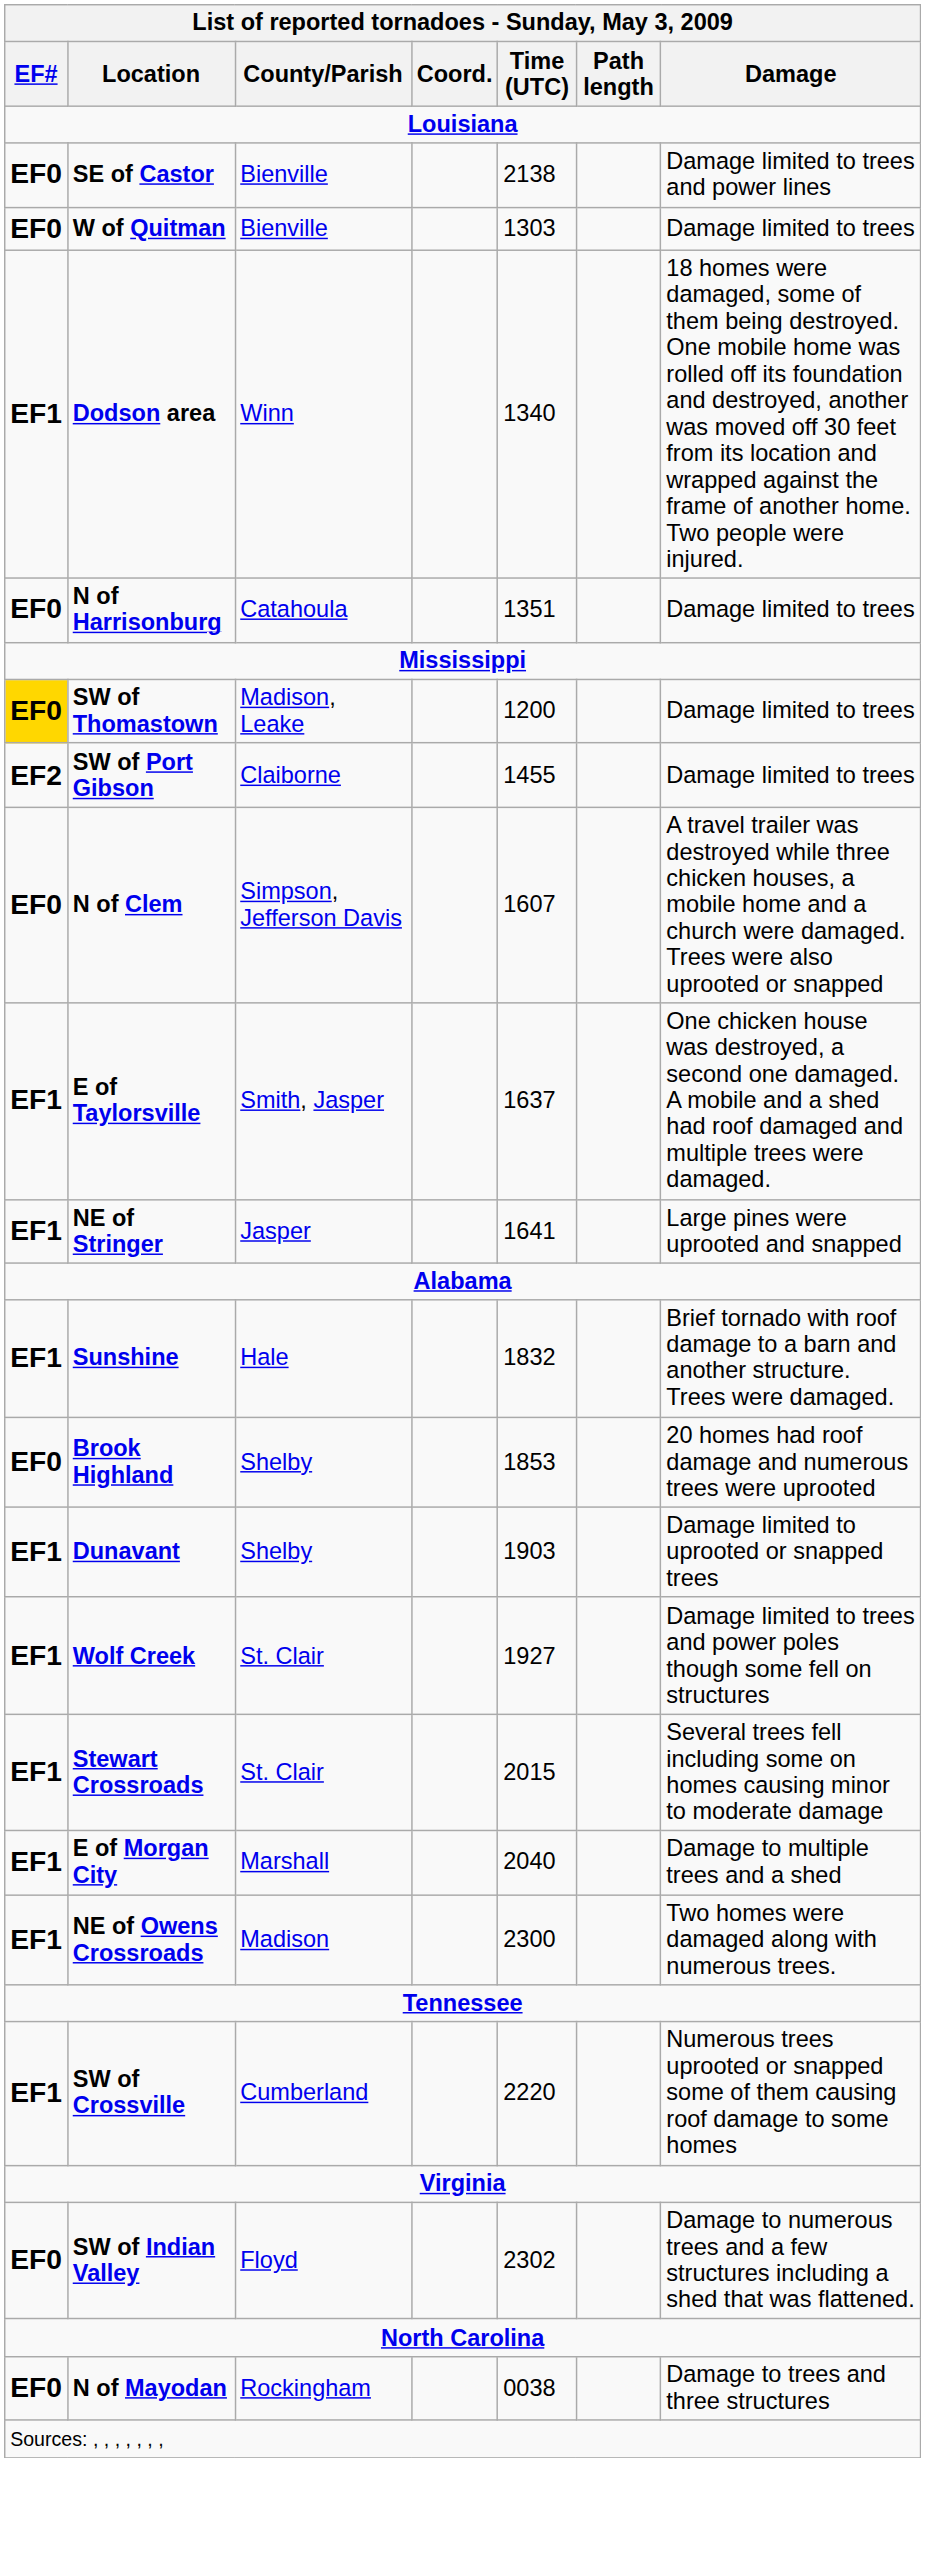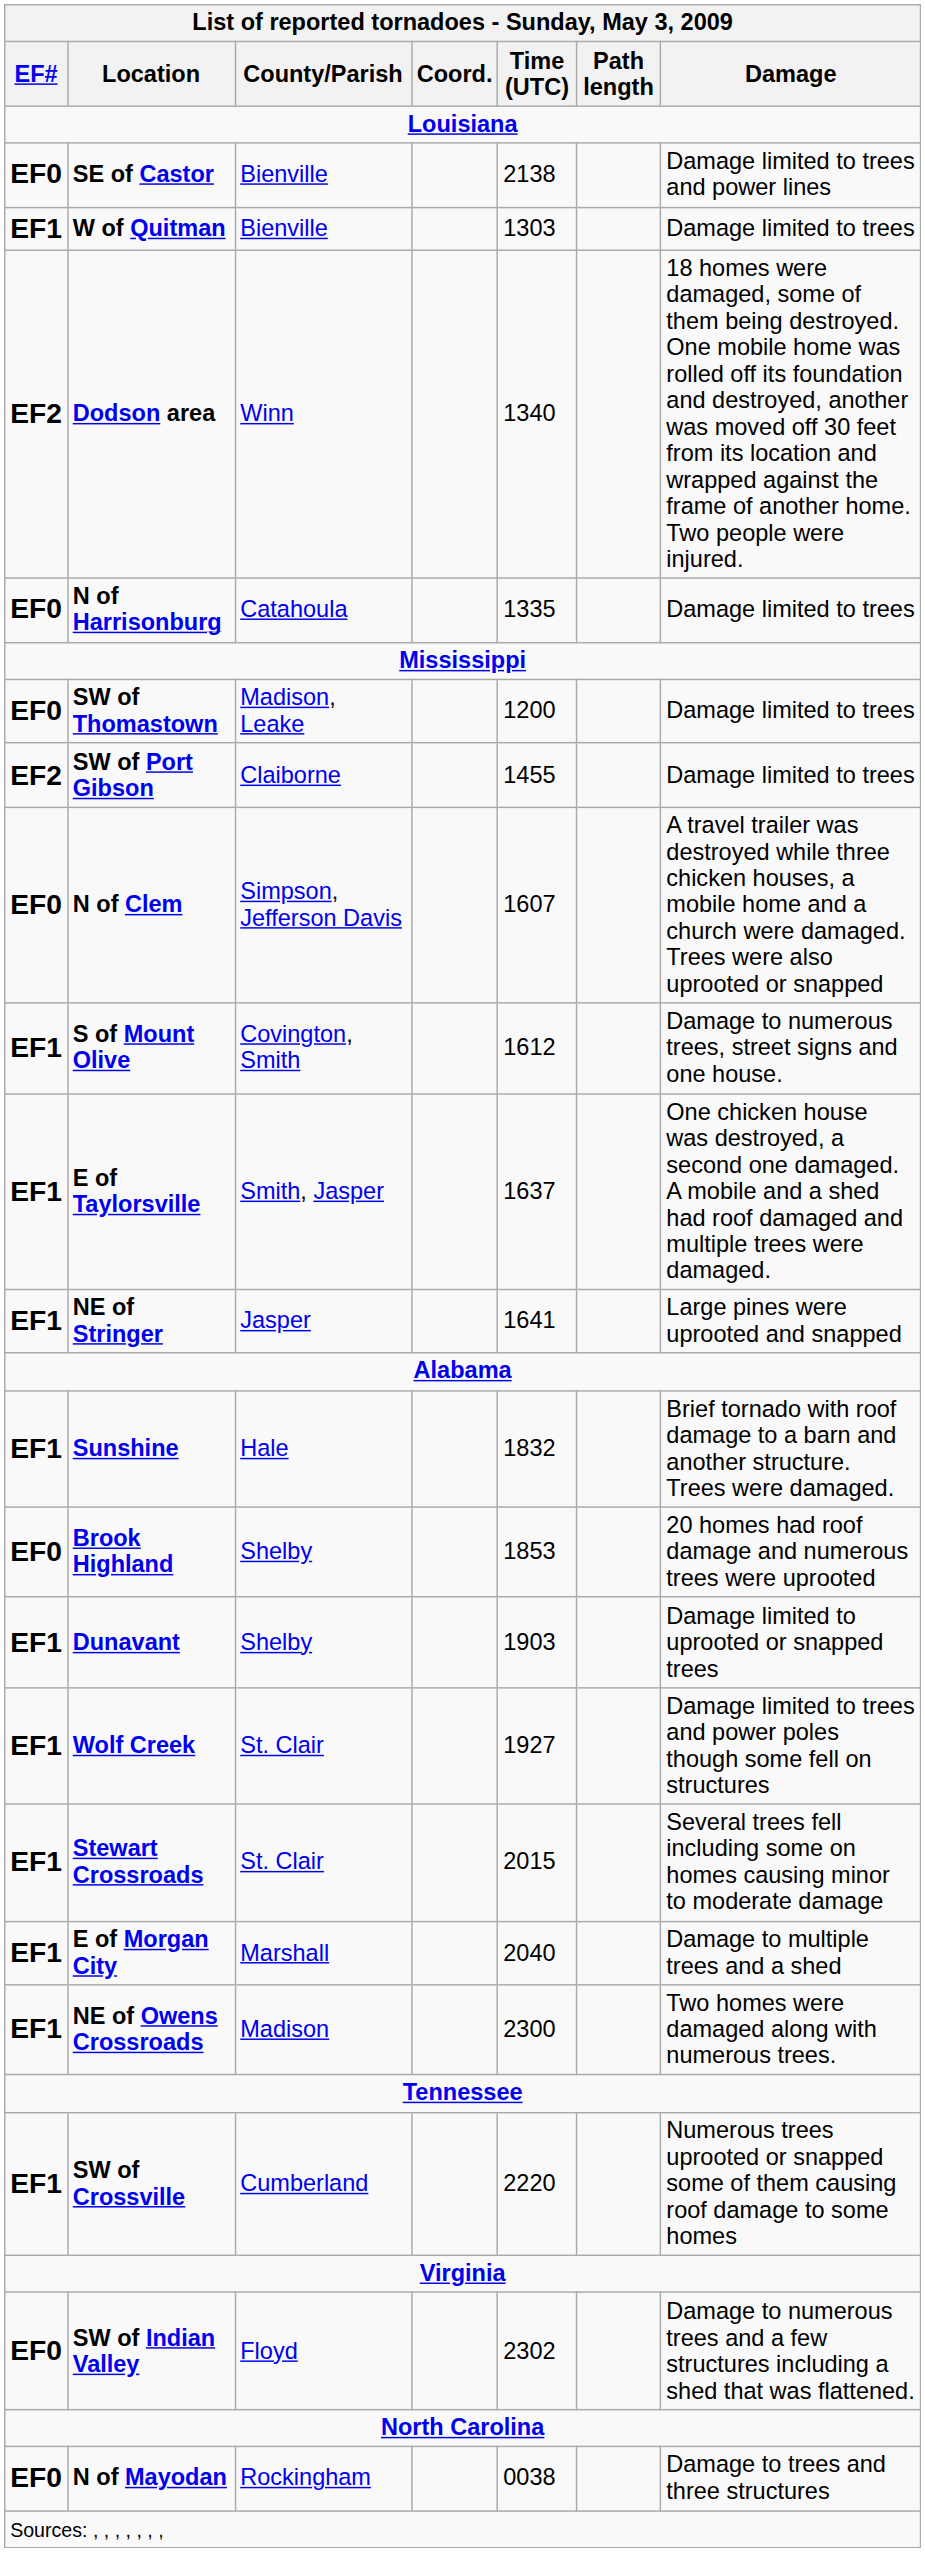 <table class="wikitable collapsible" width="100%">
 <tr>
 <th colspan="7">List of reported tornadoes - Sunday, May 3, 2009</th>
 </tr>
 <tr>
 <th><a href='#'>EF#</a></th>
 <th>Location</th>
 <th>County/Parish</th>
 <th>Coord.</th>
 <th>Time (UTC)</th>
 <th>Path length</th>
 <th>Damage</th>
 </tr>
 <tr>
 <td colspan="7" align=center><strong><a href='#'>Louisiana</a></strong></td>
 </tr>
 <tr>
 <td><big><strong>EF0</strong></big></td>
 <td><strong>SE of <a href='#'>Castor</a> </strong></td>
 <td><a href='#'>Bienville</a></td>
 <td></td>
 <td>2138</td>
 <td></td>
 <td>Damage limited to trees and power lines</td>
 </tr>
 <tr>
-<td><big><strong>EF0</strong></big></td>
+<td><big><strong>EF1</strong></big></td>
 <td><strong>W of <a href='#'>Quitman</a> </strong></td>
 <td><a href='#'>Bienville</a></td>
 <td></td>
 <td>1303</td>
 <td></td>
 <td>Damage limited to trees</td>
 </tr>
 <tr>
-<td><big><strong>EF1</strong></big></td>
+<td><big><strong>EF2</strong></big></td>
 <td><strong><a href='#'>Dodson</a> area</strong></td>
 <td><a href='#'>Winn</a></td>
 <td></td>
 <td>1340</td>
 <td></td>
 <td>18 homes were damaged, some of them being destroyed. One mobile home was rolled off its foundation and destroyed, another was moved off 30 feet from its location and wrapped against the frame of another home. Two people were injured.</td>
 </tr>
 <tr>
 <td><big><strong>EF0</strong></big></td>
 <td><strong>N of <a href='#'>Harrisonburg</a> </strong></td>
 <td><a href='#'>Catahoula</a></td>
 <td></td>
-<td>1351</td>
+<td>1335</td>
 <td></td>
 <td>Damage limited to trees</td>
 </tr>
 <tr>
 <td colspan="7" align=center><strong><a href='#'>Mississippi</a></strong></td>
 </tr>
 <tr>
-<td style="background: gold;"><big><strong>EF0</strong></big></td>
+<td><big><strong>EF0</strong></big></td>
 <td><strong>SW of <a href='#'>Thomastown</a> </strong></td>
 <td><a href='#'>Madison</a>, <a href='#'>Leake</a></td>
 <td></td>
 <td>1200</td>
 <td></td>
 <td>Damage limited to trees</td>
 </tr>
 <tr>
 <td><big><strong>EF2</strong></big></td>
 <td><strong>SW of <a href='#'>Port Gibson</a> </strong></td>
 <td><a href='#'>Claiborne</a></td>
 <td></td>
 <td>1455</td>
 <td></td>
 <td>Damage limited to trees</td>
 </tr>
 <tr>
 <td><big><strong>EF0</strong></big></td>
 <td><strong>N of <a href='#'>Clem</a> </strong></td>
 <td><a href='#'>Simpson</a>, <a href='#'>Jefferson Davis</a></td>
 <td></td>
 <td>1607</td>
 <td></td>
 <td>A travel trailer was destroyed while three chicken houses, a mobile home and a church were damaged. Trees were also uprooted or snapped</td>
+</tr>
+<tr>
+<td><big><strong>EF1</strong></big></td>
+<td><strong>S of <a href='#'>Mount Olive</a> </strong></td>
+<td><a href='#'>Covington</a>, <a href='#'>Smith</a></td>
+<td></td>
+<td>1612</td>
+<td></td>
+<td>Damage to numerous trees, street signs and one house.</td>
 </tr>
 <tr>
 <td><big><strong>EF1</strong></big></td>
 <td><strong>E of <a href='#'>Taylorsville</a> </strong></td>
 <td><a href='#'>Smith</a>, <a href='#'>Jasper</a></td>
 <td></td>
 <td>1637</td>
 <td></td>
 <td>One chicken house was destroyed, a second one damaged. A mobile and a shed had roof damaged and multiple trees were damaged.</td>
 </tr>
 <tr>
 <td><big><strong>EF1</strong></big></td>
 <td><strong>NE of <a href='#'>Stringer</a> </strong></td>
 <td><a href='#'>Jasper</a></td>
 <td></td>
 <td>1641</td>
 <td></td>
 <td>Large pines were uprooted and snapped</td>
 </tr>
 <tr>
 <td colspan="7" align=center><strong><a href='#'>Alabama</a></strong></td>
 </tr>
 <tr>
 <td><big><strong>EF1</strong></big></td>
 <td><strong><a href='#'>Sunshine</a> </strong></td>
 <td><a href='#'>Hale</a></td>
 <td></td>
 <td>1832</td>
 <td></td>
 <td>Brief tornado with roof damage to a barn and another structure. Trees were damaged.</td>
 </tr>
 <tr>
 <td><big><strong>EF0</strong></big></td>
 <td><strong><a href='#'>Brook Highland</a> </strong></td>
 <td><a href='#'>Shelby</a></td>
 <td></td>
 <td>1853</td>
 <td></td>
 <td>20 homes had roof damage and numerous trees were uprooted</td>
 </tr>
 <tr>
 <td><big><strong>EF1</strong></big></td>
 <td><strong><a href='#'>Dunavant</a> </strong></td>
 <td><a href='#'>Shelby</a></td>
 <td></td>
 <td>1903</td>
 <td></td>
 <td>Damage limited to uprooted or snapped trees</td>
 </tr>
 <tr>
 <td><big><strong>EF1</strong></big></td>
 <td><strong><a href='#'>Wolf Creek</a> </strong></td>
 <td><a href='#'>St. Clair</a></td>
 <td></td>
 <td>1927</td>
 <td></td>
 <td>Damage limited to trees and power poles though some fell on structures</td>
 </tr>
 <tr>
 <td><big><strong>EF1</strong></big></td>
 <td><strong><a href='#'>Stewart Crossroads</a> </strong></td>
 <td><a href='#'>St. Clair</a></td>
 <td></td>
 <td>2015</td>
 <td></td>
 <td>Several trees fell including some on homes causing minor to moderate damage</td>
 </tr>
 <tr>
 <td><big><strong>EF1</strong></big></td>
 <td><strong>E of <a href='#'>Morgan City</a> </strong></td>
 <td><a href='#'>Marshall</a></td>
 <td></td>
 <td>2040</td>
 <td></td>
 <td>Damage to multiple trees and a shed</td>
 </tr>
 <tr>
 <td><big><strong>EF1</strong></big></td>
 <td><strong>NE of <a href='#'>Owens Crossroads</a> </strong></td>
 <td><a href='#'>Madison</a></td>
 <td></td>
 <td>2300</td>
 <td></td>
 <td>Two homes were damaged along with numerous trees.</td>
 </tr>
 <tr>
 <td colspan="7" align=center><strong><a href='#'>Tennessee</a></strong></td>
 </tr>
 <tr>
 <td><big><strong>EF1</strong></big></td>
 <td><strong>SW of <a href='#'>Crossville</a> </strong></td>
 <td><a href='#'>Cumberland</a></td>
 <td></td>
 <td>2220</td>
 <td></td>
 <td>Numerous trees uprooted or snapped some of them causing roof damage to some homes</td>
 </tr>
 <tr>
 <td colspan="7" align=center><strong><a href='#'>Virginia</a></strong></td>
 </tr>
 <tr>
 <td><big><strong>EF0</strong></big></td>
 <td><strong>SW of <a href='#'>Indian Valley</a> </strong></td>
 <td><a href='#'>Floyd</a></td>
 <td></td>
 <td>2302</td>
 <td></td>
 <td>Damage to numerous trees and a few structures including a shed that was flattened.</td>
 </tr>
 <tr>
 <td colspan="7" align=center><strong><a href='#'>North Carolina</a></strong></td>
 </tr>
 <tr>
 <td><big><strong>EF0</strong></big></td>
 <td><strong>N of <a href='#'>Mayodan</a> </strong></td>
 <td><a href='#'>Rockingham</a></td>
 <td></td>
 <td>0038</td>
 <td></td>
 <td>Damage to trees and three structures</td>
 </tr>
 <tr>
 <td colspan="7"><small>Sources: , , , , , , , </small></td>
 </tr>
 <tr>
 </tr>
 </table>
